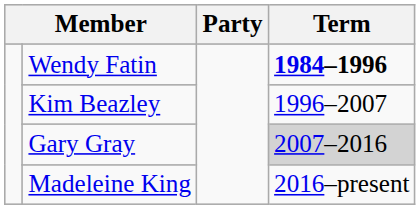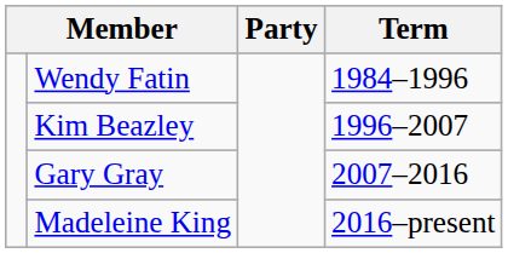 <table class="wikitable">
 <tr>
 <th colspan="2">Member</th>
 <th>Party</th>
 <th>Term</th>
 </tr>
 <tr>
 <td rowspan=4 > </td>
 <td><a href='#'>Wendy Fatin</a></td>
 <td rowspan=4></td>
-<td><strong><a href='#'>1984</a>–1996</strong></td>
+<td><a href='#'>1984</a>–1996</td>
 </tr>
 <tr>
 <td><a href='#'>Kim Beazley</a></td>
 <td><a href='#'>1996</a>–2007</td>
 </tr>
 <tr>
 <td><a href='#'>Gary Gray</a></td>
-<td style="background: lightgrey;"><a href='#'>2007</a>–2016</td>
+<td><a href='#'>2007</a>–2016</td>
 </tr>
 <tr>
 <td><a href='#'>Madeleine King</a></td>
 <td><a href='#'>2016</a>–present</td>
 </tr>
 </table>
